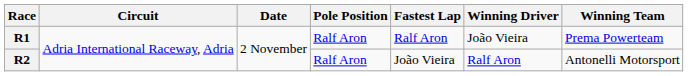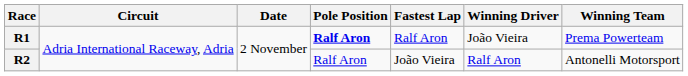 <table class="wikitable" style="font-size: 85%">
 <tr>
 <th>Race</th>
 <th>Circuit</th>
 <th>Date</th>
 <th>Pole Position</th>
 <th>Fastest Lap</th>
 <th>Winning Driver</th>
 <th>Winning Team</th>
 </tr>
 <tr>
 <th>R1</th>
 <td rowspan=2><a href='#'>Adria International Raceway</a>, <a href='#'>Adria</a></td>
 <td rowspan=2>2 November</td>
-<td> <a href='#'>Ralf Aron</a></td>
+<td><strong> <a href='#'>Ralf Aron</a></strong></td>
 <td> <a href='#'>Ralf Aron</a></td>
 <td> João Vieira</td>
 <td> <a href='#'>Prema Powerteam</a></td>
 </tr>
 <tr>
 <th>R2</th>
 <td> <a href='#'>Ralf Aron</a></td>
 <td> João Vieira</td>
 <td> <a href='#'>Ralf Aron</a></td>
 <td> Antonelli Motorsport</td>
 </tr>
 </table>
